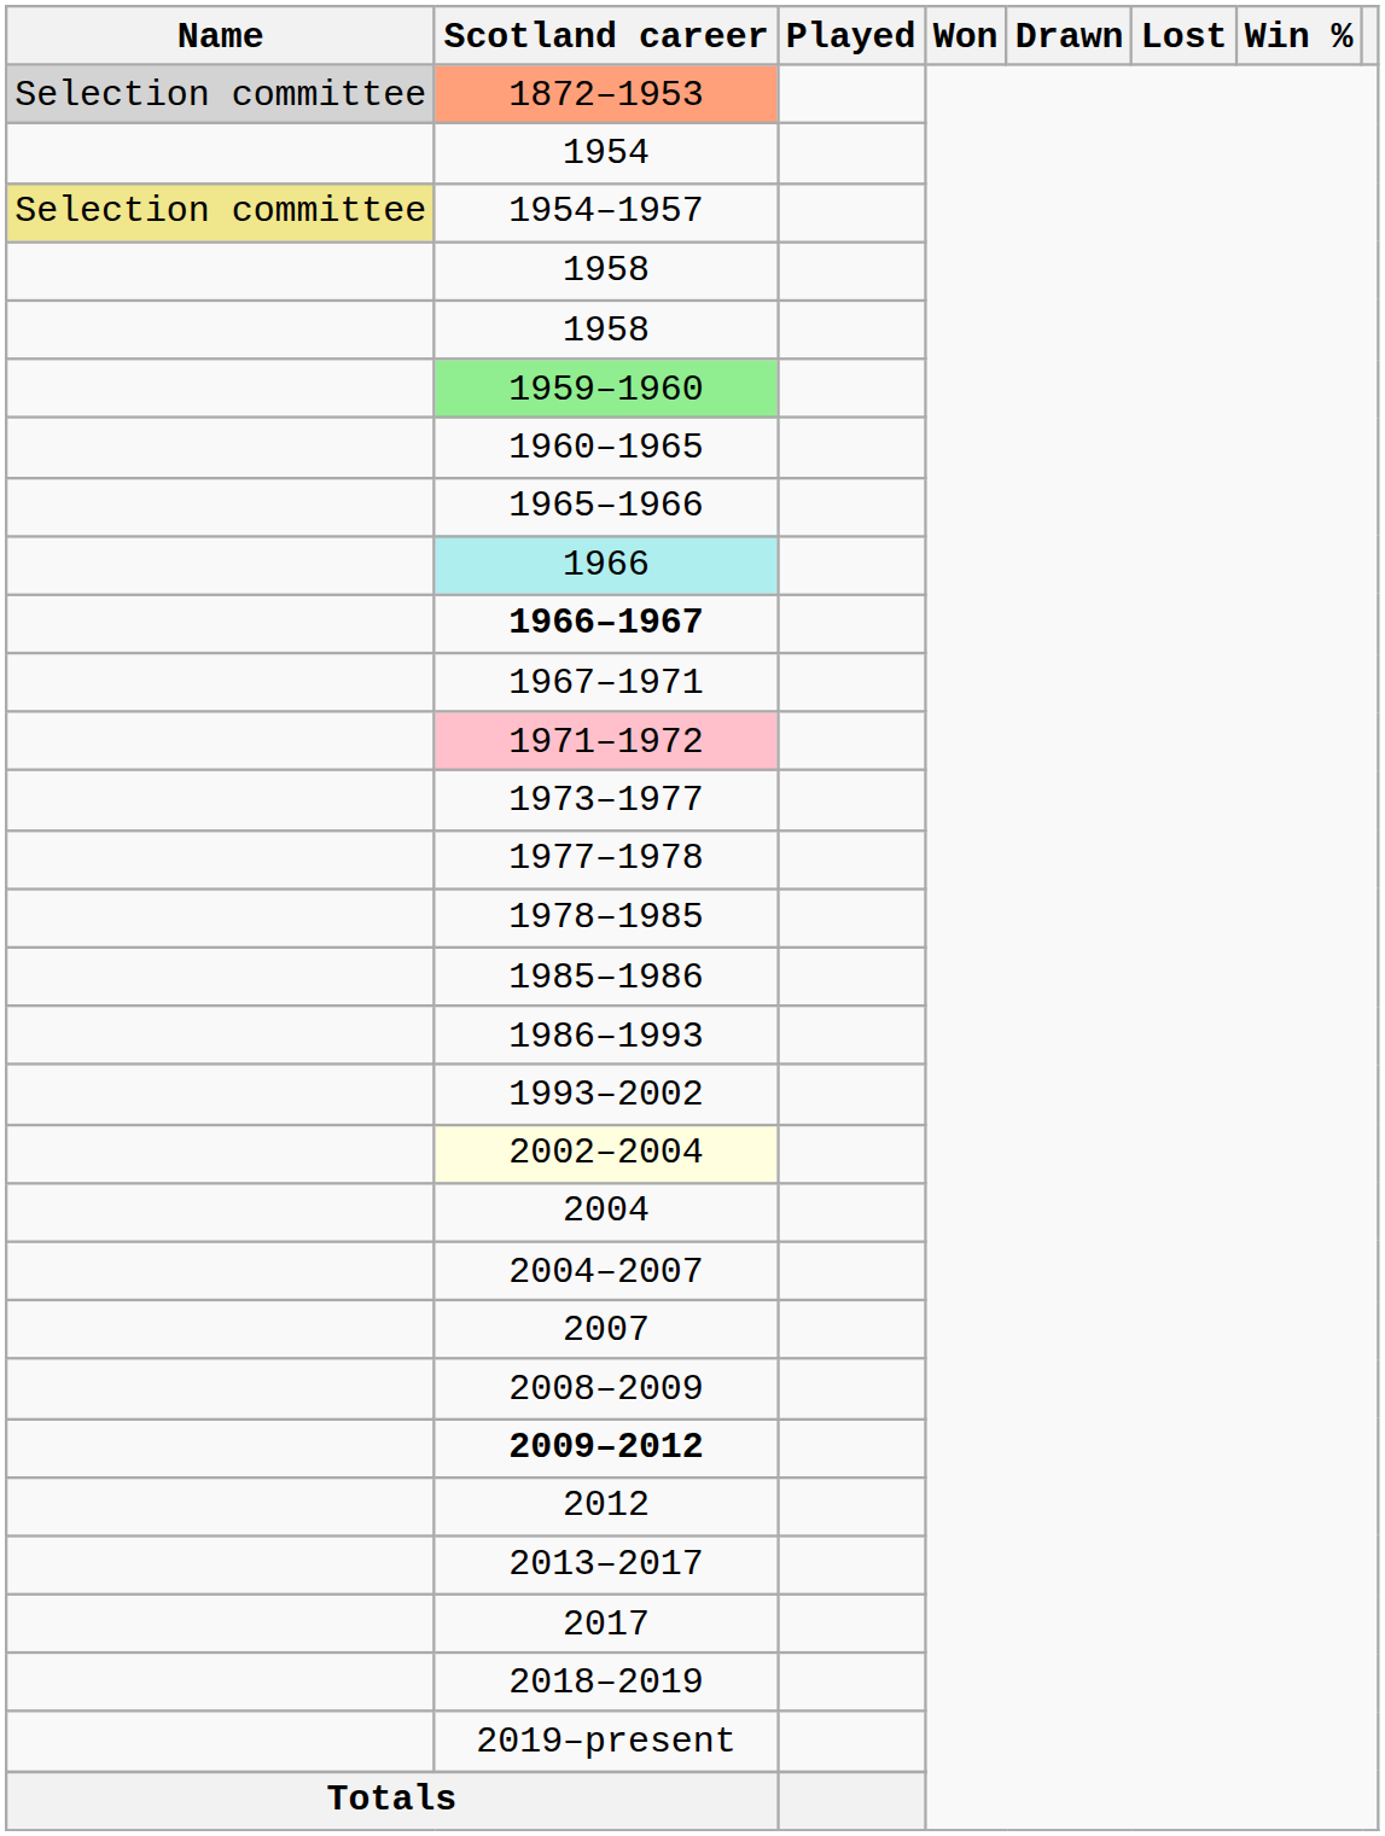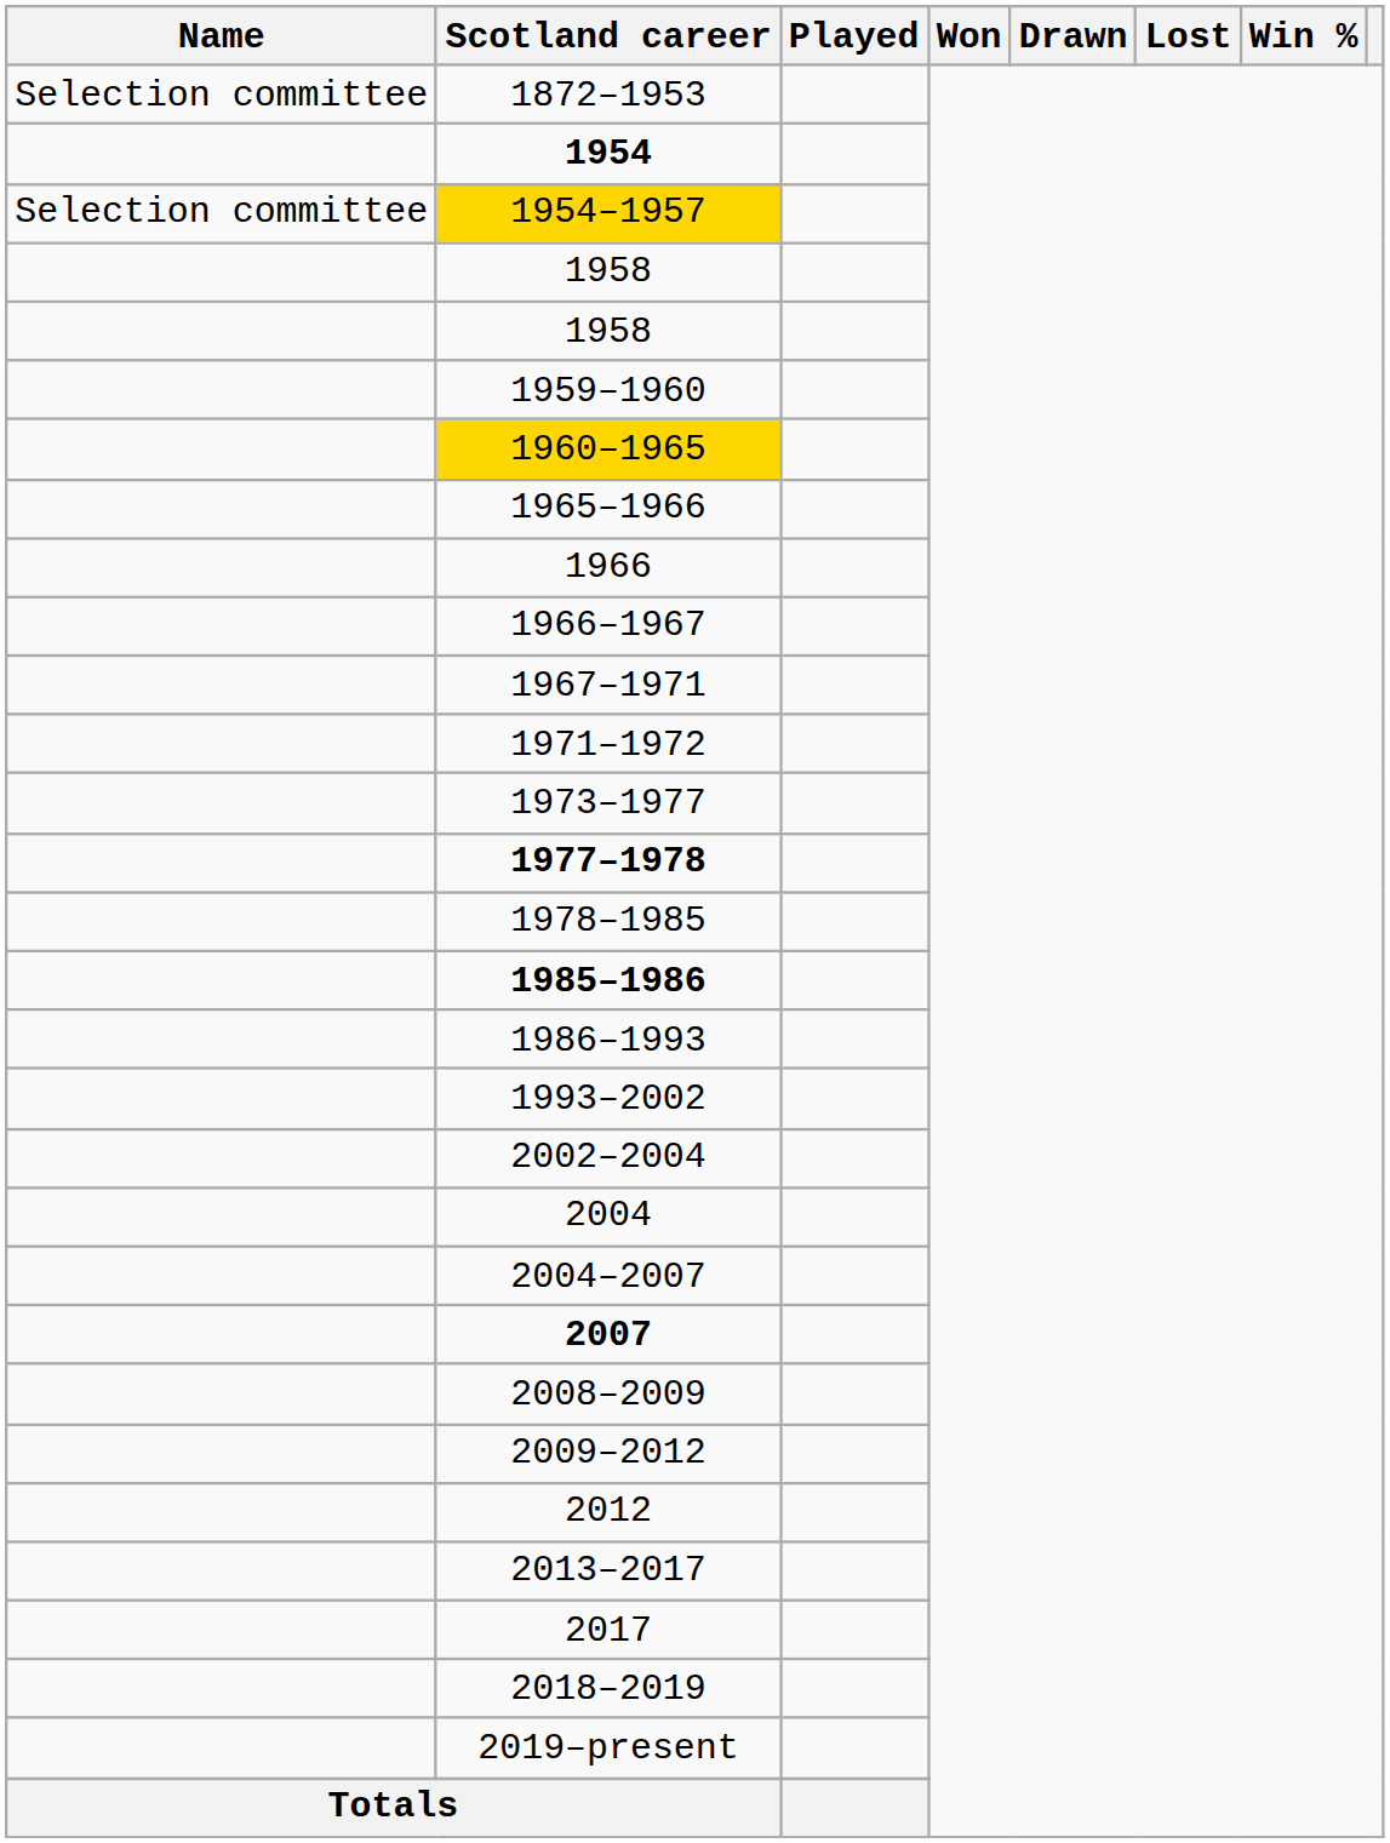 <table class="wikitable sortable" style="text-align:center;">
 <tr>
 <th>Name</th>
 <th>Scotland career</th>
 <th>Played</th>
 <th>Won</th>
 <th>Drawn</th>
 <th>Lost</th>
 <th>Win %</th>
 <th></th>
 </tr>
 <tr>
-<td style="background: lightgrey; text-align: left;">Selection committee</td>
-<td style="background: lightsalmon;">1872–1953<br></td>
+<td style="text-align: left;">Selection committee</td>
+<td>1872–1953<br></td>
 <td></td>
 </tr>
 <tr>
 <td style="text-align: left;"></td>
-<td>1954<br></td>
+<td><strong>1954<br></strong></td>
 <td></td>
 </tr>
 <tr>
-<td style="background: khaki; text-align: left;">Selection committee</td>
-<td>1954–1957<br></td>
+<td style="text-align: left;">Selection committee</td>
+<td style="background: gold;">1954–1957<br></td>
 <td></td>
 </tr>
 <tr>
 <td style="text-align: left;"></td>
 <td>1958<br></td>
 <td></td>
 </tr>
 <tr>
 <td style="text-align: left;"></td>
 <td>1958<br></td>
 <td></td>
 </tr>
 <tr>
 <td style="text-align: left;"></td>
-<td style="background: lightgreen;">1959–1960<br></td>
+<td>1959–1960<br></td>
 <td></td>
 </tr>
 <tr>
 <td style="text-align: left;"></td>
-<td>1960–1965<br></td>
+<td style="background: gold;">1960–1965<br></td>
 <td></td>
 </tr>
 <tr>
 <td style="text-align: left;"></td>
 <td>1965–1966<br></td>
 <td></td>
 </tr>
 <tr>
 <td style="text-align: left;"></td>
-<td style="background: paleturquoise;">1966<br></td>
+<td>1966<br></td>
 <td></td>
 </tr>
 <tr>
 <td style="text-align: left;"></td>
-<td><strong>1966–1967<br></strong></td>
+<td>1966–1967<br></td>
 <td></td>
 </tr>
 <tr>
 <td style="text-align: left;"></td>
 <td>1967–1971<br></td>
 <td></td>
 </tr>
 <tr>
 <td style="text-align: left;"></td>
-<td style="background: pink;">1971–1972<br></td>
+<td>1971–1972<br></td>
 <td></td>
 </tr>
 <tr>
 <td style="text-align: left;"></td>
 <td>1973–1977<br></td>
 <td></td>
 </tr>
 <tr>
 <td style="text-align: left;"></td>
-<td>1977–1978<br></td>
+<td><strong>1977–1978<br></strong></td>
 <td></td>
 </tr>
 <tr>
 <td style="text-align: left;"></td>
 <td>1978–1985<br></td>
 <td></td>
 </tr>
 <tr>
 <td style="text-align: left;"></td>
-<td>1985–1986<br></td>
+<td><strong>1985–1986<br></strong></td>
 <td></td>
 </tr>
 <tr>
 <td style="text-align: left;"></td>
 <td>1986–1993<br></td>
 <td></td>
 </tr>
 <tr>
 <td style="text-align: left;"></td>
 <td>1993–2002<br></td>
 <td></td>
 </tr>
 <tr>
 <td style="text-align: left;"></td>
-<td style="background: lightyellow;">2002–2004<br></td>
+<td>2002–2004<br></td>
 <td></td>
 </tr>
 <tr>
 <td style="text-align: left;"></td>
 <td>2004<br></td>
 <td></td>
 </tr>
 <tr>
 <td style="text-align: left;"></td>
 <td>2004–2007<br></td>
 <td></td>
 </tr>
 <tr>
 <td style="text-align: left;"></td>
-<td>2007<br></td>
+<td><strong>2007<br></strong></td>
 <td></td>
 </tr>
 <tr>
 <td style="text-align: left;"></td>
 <td>2008–2009<br></td>
 <td></td>
 </tr>
 <tr>
 <td style="text-align: left;"></td>
-<td><strong>2009–2012<br></strong></td>
+<td>2009–2012<br></td>
 <td></td>
 </tr>
 <tr>
 <td style="text-align: left;"></td>
 <td>2012<br></td>
 <td></td>
 </tr>
 <tr>
 <td style="text-align: left;"></td>
 <td>2013–2017<br></td>
 <td></td>
 </tr>
 <tr>
 <td style="text-align: left;"></td>
 <td>2017<br></td>
 <td></td>
 </tr>
 <tr>
 <td style="text-align: left;"></td>
 <td>2018–2019<br></td>
 <td></td>
 </tr>
 <tr>
 <td style="text-align: left;"></td>
 <td>2019–present<br></td>
 <td></td>
 </tr>
 <tr>
 </tr>
 <tr class="sortbottom">
 <th colspan="2">Totals<br></th>
 <th></th>
 </tr>
 </table>
